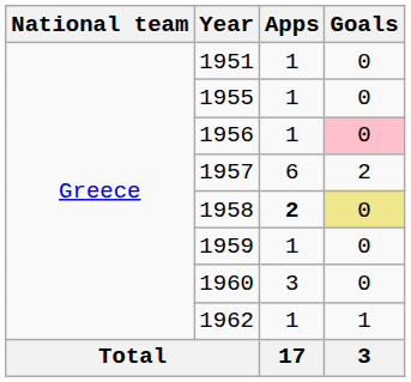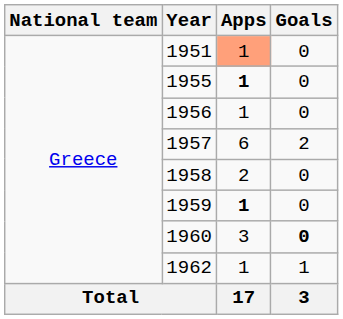 <table class="wikitable" style="text-align:center">
 <tr>
 <th>National team</th>
 <th>Year</th>
 <th>Apps</th>
 <th>Goals</th>
 </tr>
 <tr>
 <td rowspan="8"><a href='#'>Greece</a></td>
 <td>1951</td>
-<td>1</td>
+<td style="background: lightsalmon;">1</td>
 <td>0</td>
 </tr>
 <tr>
 <td>1955</td>
-<td>1</td>
+<td><strong>1</strong></td>
 <td>0</td>
 </tr>
 <tr>
 <td>1956</td>
 <td>1</td>
-<td style="background: pink;">0</td>
+<td>0</td>
 </tr>
 <tr>
 <td>1957</td>
 <td>6</td>
 <td>2</td>
 </tr>
 <tr>
 <td>1958</td>
-<td><strong>2</strong></td>
-<td style="background: khaki;">0</td>
+<td>2</td>
+<td>0</td>
 </tr>
 <tr>
 <td>1959</td>
-<td>1</td>
+<td><strong>1</strong></td>
 <td>0</td>
 </tr>
 <tr>
 <td>1960</td>
 <td>3</td>
-<td>0</td>
+<td><strong>0</strong></td>
 </tr>
 <tr>
 <td>1962</td>
 <td>1</td>
 <td>1</td>
 </tr>
 <tr>
 <th colspan="2">Total</th>
 <th>17</th>
 <th>3</th>
 </tr>
 </table>
